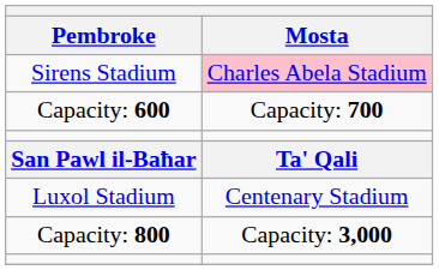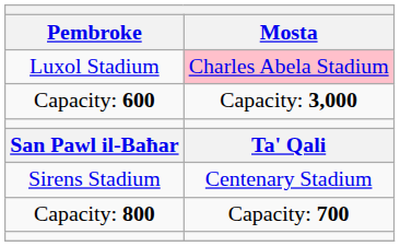 <table class="wikitable" style="text-align:center">
 <tr>
 <th colspan="2"></th>
 </tr>
 <tr>
 <th><a href='#'>Pembroke</a></th>
 <th><a href='#'>Mosta</a></th>
 </tr>
 <tr>
-<td><a href='#'>Sirens Stadium</a></td>
+<td><a href='#'>Luxol Stadium</a></td>
 <td style="background: pink;"><a href='#'>Charles Abela Stadium</a></td>
 </tr>
 <tr>
 <td>Capacity: <strong>600</strong></td>
-<td>Capacity: <strong>700</strong></td>
+<td>Capacity: <strong>3,000</strong></td>
 </tr>
 <tr>
 <td></td>
 <td></td>
 </tr>
 <tr>
 <th><a href='#'>San Pawl il-Baħar</a></th>
 <th><a href='#'>Ta' Qali</a></th>
 </tr>
 <tr>
-<td><a href='#'>Luxol Stadium</a></td>
+<td><a href='#'>Sirens Stadium</a></td>
 <td><a href='#'>Centenary Stadium</a></td>
 </tr>
 <tr>
 <td>Capacity: <strong>800</strong></td>
-<td>Capacity: <strong>3,000</strong></td>
+<td>Capacity: <strong>700</strong></td>
 </tr>
 <tr>
 <td></td>
 <td></td>
 </tr>
 <tr>
 </tr>
 </table>
